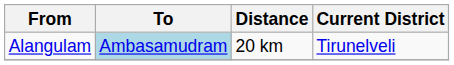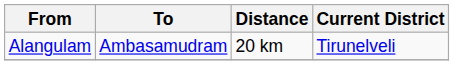 <table class="wikitable" style="font-size: 95%;">
 <tr>
 <th>From</th>
 <th>To</th>
 <th>Distance</th>
 <th>Current District</th>
 </tr>
 <tr>
 <td><a href='#'>Alangulam</a></td>
-<td style="background: lightblue;"><a href='#'>Ambasamudram</a></td>
+<td><a href='#'>Ambasamudram</a></td>
 <td>20 km</td>
 <td><a href='#'>Tirunelveli</a></td>
 </tr>
 <tr>
 </tr>
 </table>
